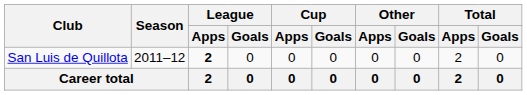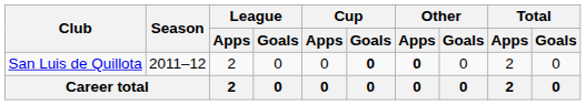 <table class="wikitable" style="text-align:center">
 <tr>
 <th rowspan="2">Club</th>
 <th rowspan="2">Season</th>
 <th colspan="2">League</th>
 <th colspan="2">Cup</th>
 <th colspan="2">Other</th>
 <th ! colspan="2">Total</th>
 </tr>
 <tr>
 <th>Apps</th>
 <th>Goals</th>
 <th>Apps</th>
 <th>Goals</th>
 <th>Apps</th>
 <th>Goals</th>
 <th>Apps</th>
 <th>Goals</th>
 </tr>
 <tr>
 <td rowspan="1"><a href='#'>San Luis de Quillota</a></td>
 <td>2011–12</td>
-<td><strong>2</strong></td>
+<td>2</td>
 <td>0</td>
 <td>0</td>
-<td>0</td>
-<td>0</td>
+<td><strong>0</strong></td>
+<td><strong>0</strong></td>
 <td>0</td>
 <td>2</td>
 <td>0</td>
 </tr>
 <tr>
 <th colspan="2">Career total</th>
 <th>2</th>
 <th>0</th>
 <th>0</th>
 <th>0</th>
 <th>0</th>
 <th>0</th>
 <th>2</th>
 <th>0</th>
 </tr>
 </table>
